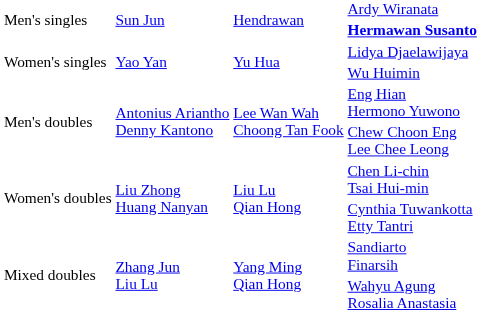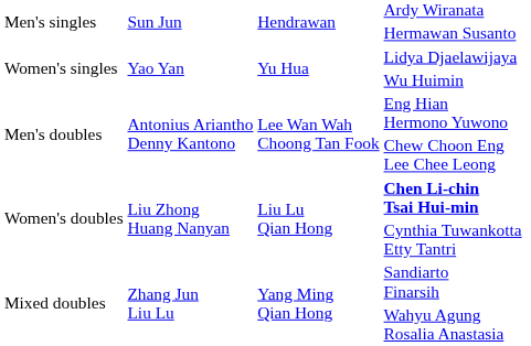 <table>
 <tr>
 <td rowspan="2">Men's singles</td>
 <td rowspan="2"> <a href='#'>Sun Jun</a></td>
 <td rowspan="2"> <a href='#'>Hendrawan</a></td>
 <td> <a href='#'>Ardy Wiranata</a></td>
 </tr>
 <tr>
-<td><strong> <a href='#'>Hermawan Susanto</a></strong></td>
+<td> <a href='#'>Hermawan Susanto</a></td>
 </tr>
 <tr>
 <td rowspan="2">Women's singles</td>
 <td rowspan="2"> <a href='#'>Yao Yan</a></td>
 <td rowspan="2"> <a href='#'>Yu Hua</a></td>
 <td> <a href='#'>Lidya Djaelawijaya</a></td>
 </tr>
 <tr>
 <td> <a href='#'>Wu Huimin</a></td>
 </tr>
 <tr>
 <td rowspan="2">Men's doubles</td>
 <td rowspan="2"> <a href='#'>Antonius Ariantho</a> <br>  <a href='#'>Denny Kantono</a></td>
 <td rowspan="2"> <a href='#'>Lee Wan Wah</a> <br>  <a href='#'>Choong Tan Fook</a></td>
 <td> <a href='#'>Eng Hian</a> <br>  <a href='#'>Hermono Yuwono</a></td>
 </tr>
 <tr>
 <td> <a href='#'>Chew Choon Eng</a> <br>  <a href='#'>Lee Chee Leong</a></td>
 </tr>
 <tr>
 <td rowspan="2">Women's doubles</td>
 <td rowspan="2"> <a href='#'>Liu Zhong</a> <br>  <a href='#'>Huang Nanyan</a></td>
 <td rowspan="2"> <a href='#'>Liu Lu</a> <br>  <a href='#'>Qian Hong</a></td>
-<td> <a href='#'>Chen Li-chin</a> <br>  <a href='#'>Tsai Hui-min</a></td>
+<td><strong> <a href='#'>Chen Li-chin</a> <br>  <a href='#'>Tsai Hui-min</a></strong></td>
 </tr>
 <tr>
 <td> <a href='#'>Cynthia Tuwankotta</a> <br>  <a href='#'>Etty Tantri</a></td>
 </tr>
 <tr>
 <td rowspan="2">Mixed doubles</td>
 <td rowspan="2"> <a href='#'>Zhang Jun</a> <br>  <a href='#'>Liu Lu</a></td>
 <td rowspan="2"> <a href='#'>Yang Ming</a> <br>  <a href='#'>Qian Hong</a></td>
 <td> <a href='#'>Sandiarto</a> <br>  <a href='#'>Finarsih</a></td>
 </tr>
 <tr>
 <td> <a href='#'>Wahyu Agung</a> <br>  <a href='#'>Rosalia Anastasia</a></td>
 </tr>
 </table>
